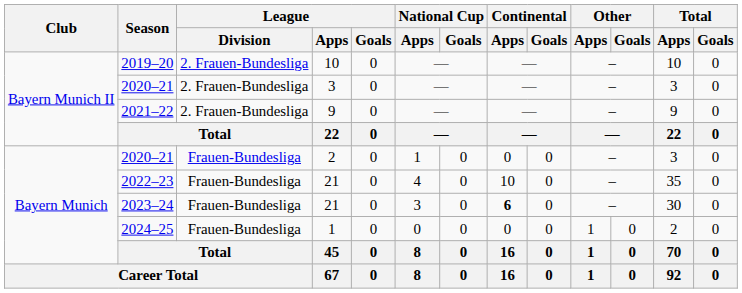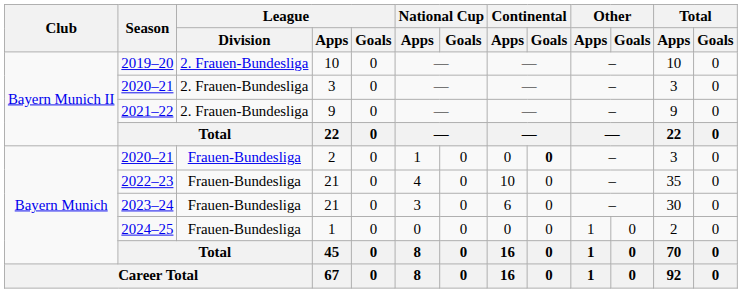 <table class="wikitable" Style="text-align: center">
 <tr>
 <th rowspan="2">Club</th>
 <th rowspan="2">Season</th>
 <th colspan="3">League</th>
 <th colspan="2">National Cup</th>
 <th colspan="2">Continental</th>
 <th colspan="2">Other</th>
 <th colspan="2">Total</th>
 </tr>
 <tr>
 <th>Division</th>
 <th>Apps</th>
 <th>Goals</th>
 <th>Apps</th>
 <th>Goals</th>
 <th>Apps</th>
 <th>Goals</th>
 <th>Apps</th>
 <th>Goals</th>
 <th>Apps</th>
 <th>Goals</th>
 </tr>
 <tr>
 <td rowspan="4"><a href='#'>Bayern Munich II</a></td>
 <td><a href='#'>2019–20</a></td>
 <td><a href='#'>2. Frauen-Bundesliga</a></td>
 <td>10</td>
 <td>0</td>
 <td colspan="2">—</td>
 <td colspan="2">—</td>
 <td colspan="2">–</td>
 <td>10</td>
 <td>0</td>
 </tr>
 <tr>
 <td><a href='#'>2020–21</a></td>
 <td>2. Frauen-Bundesliga</td>
 <td>3</td>
 <td>0</td>
 <td colspan="2">—</td>
 <td colspan="2">—</td>
 <td colspan="2">–</td>
 <td>3</td>
 <td>0</td>
 </tr>
 <tr>
 <td><a href='#'>2021–22</a></td>
 <td>2. Frauen-Bundesliga</td>
 <td>9</td>
 <td>0</td>
 <td colspan="2">—</td>
 <td colspan="2">—</td>
 <td colspan="2">–</td>
 <td>9</td>
 <td>0</td>
 </tr>
 <tr>
 <th colspan="2">Total</th>
 <th>22</th>
 <th>0</th>
 <th colspan="2">—</th>
 <th colspan="2">—</th>
 <th colspan="2">—</th>
 <th>22</th>
 <th>0</th>
 </tr>
 <tr>
 <td rowspan="5"><a href='#'>Bayern Munich</a></td>
 <td><a href='#'>2020–21</a></td>
 <td><a href='#'>Frauen-Bundesliga</a></td>
 <td>2</td>
 <td>0</td>
 <td>1</td>
 <td>0</td>
 <td>0</td>
-<td>0</td>
+<td><strong>0</strong></td>
 <td colspan="2">–</td>
 <td>3</td>
 <td>0</td>
 </tr>
 <tr>
 <td><a href='#'>2022–23</a></td>
 <td>Frauen-Bundesliga</td>
 <td>21</td>
 <td>0</td>
 <td>4</td>
 <td>0</td>
 <td>10</td>
 <td>0</td>
 <td colspan="2">–</td>
 <td>35</td>
 <td>0</td>
 </tr>
 <tr>
 <td><a href='#'>2023–24</a></td>
 <td>Frauen-Bundesliga</td>
 <td>21</td>
 <td>0</td>
 <td>3</td>
 <td>0</td>
-<td><strong>6</strong></td>
+<td>6</td>
 <td>0</td>
 <td colspan="2">–</td>
 <td>30</td>
 <td>0</td>
 </tr>
 <tr>
 <td><a href='#'>2024–25</a></td>
 <td>Frauen-Bundesliga</td>
 <td>1</td>
 <td>0</td>
 <td>0</td>
 <td>0</td>
 <td>0</td>
 <td>0</td>
 <td>1</td>
 <td>0</td>
 <td>2</td>
 <td>0</td>
 </tr>
 <tr>
 <th colspan="2">Total</th>
 <th>45</th>
 <th>0</th>
 <th>8</th>
 <th>0</th>
 <th>16</th>
 <th>0</th>
 <th>1</th>
 <th>0</th>
 <th>70</th>
 <th>0</th>
 </tr>
 <tr>
 <th colspan="3">Career Total</th>
 <th>67</th>
 <th>0</th>
 <th>8</th>
 <th>0</th>
 <th>16</th>
 <th>0</th>
 <th>1</th>
 <th>0</th>
 <th>92</th>
 <th>0</th>
 </tr>
 </table>
